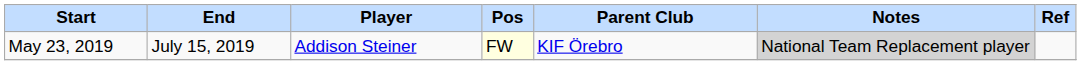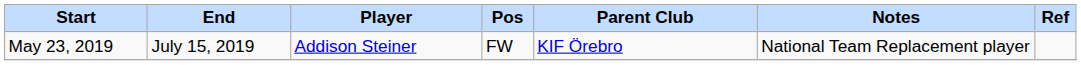 <table class="wikitable" style="text-align:left;">
 <tr>
 <th style="background:#c2ddff; width:125px;">Start</th>
 <th style="background:#c2ddff; width:125px;">End</th>
 <th style="background:#c2ddff; width:170px;">Player</th>
 <th style="background:#c2ddff; width:40px;">Pos</th>
 <th style="background:#c2ddff; width:200px;">Parent Club</th>
 <th style="background:#c2ddff; width:250px;">Notes</th>
 <th style="background:#c2ddff; width:30px;">Ref</th>
 </tr>
 <tr>
 <td>May 23, 2019</td>
 <td>July 15, 2019</td>
 <td> <a href='#'>Addison Steiner</a></td>
-<td style="background: lightyellow;">FW</td>
+<td>FW</td>
 <td> <a href='#'>KIF Örebro</a></td>
-<td style="background: lightgrey;">National Team Replacement player</td>
+<td>National Team Replacement player</td>
 <td></td>
 </tr>
 <tr>
 </tr>
 </table>
